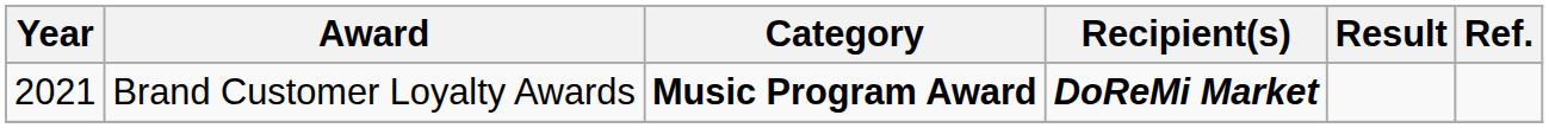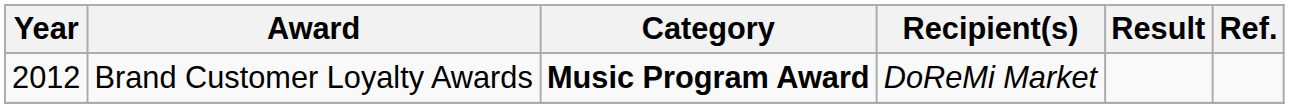 <table class="wikitable" style="text-align:center">
 <tr>
 <th>Year</th>
 <th>Award</th>
 <th>Category</th>
 <th>Recipient(s)</th>
 <th>Result</th>
 <th>Ref.</th>
 </tr>
 <tr>
-<td>2021</td>
+<td>2012</td>
 <td>Brand Customer Loyalty Awards</td>
 <td><strong>Music Program Award</strong></td>
-<td><strong><em>DoReMi Market</em></strong></td>
+<td><em>DoReMi Market</em></td>
 <td></td>
 <td></td>
 </tr>
 <tr>
 </tr>
 </table>
